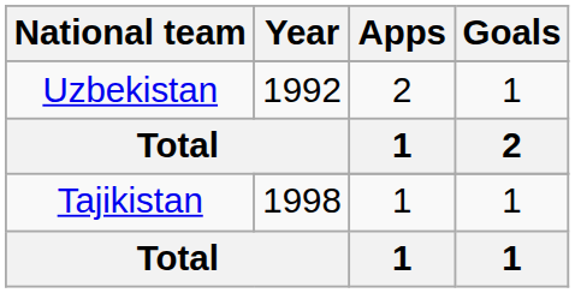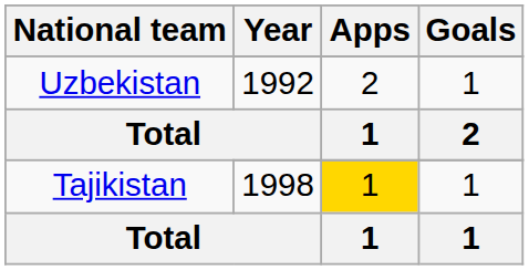 <table class="wikitable" style="text-align:center">
 <tr>
 <th>National team</th>
 <th>Year</th>
 <th>Apps</th>
 <th>Goals</th>
 </tr>
 <tr>
 <td rowspan="2"><a href='#'>Uzbekistan</a></td>
 </tr>
 <tr>
 <td>1992</td>
 <td>2</td>
 <td>1</td>
 </tr>
 <tr>
 <th colspan="2">Total</th>
 <th>1</th>
 <th>2</th>
 </tr>
 <tr>
 <td rowspan="2"><a href='#'>Tajikistan</a></td>
 </tr>
 <tr>
 <td>1998</td>
-<td>1</td>
+<td style="background: gold;">1</td>
 <td>1</td>
 </tr>
 <tr>
 <th colspan="2">Total</th>
 <th>1</th>
 <th>1</th>
 </tr>
 </table>
